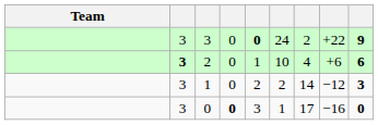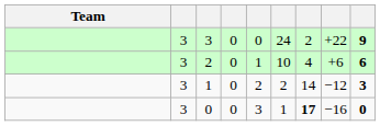 <table class="wikitable" style="text-align: center;">
 <tr>
 <th width="175">Team</th>
 <th width="20"></th>
 <th width="20"></th>
 <th width="20"></th>
 <th width="20"></th>
 <th width="20"></th>
 <th width="20"></th>
 <th width="20"></th>
 <th width="20"></th>
 </tr>
 <tr bgcolor="#ccffcc">
 <td align=left></td>
 <td>3</td>
 <td>3</td>
 <td>0</td>
-<td><strong>0</strong></td>
+<td>0</td>
 <td>24</td>
 <td>2</td>
 <td>+22</td>
 <td><strong>9</strong></td>
 </tr>
 <tr bgcolor="#ccffcc">
 <td align=left></td>
-<td><strong>3</strong></td>
+<td>3</td>
 <td>2</td>
 <td>0</td>
 <td>1</td>
 <td>10</td>
 <td>4</td>
 <td>+6</td>
 <td><strong>6</strong></td>
 </tr>
 <tr bgcolor=>
 <td align=left></td>
 <td>3</td>
 <td>1</td>
 <td>0</td>
 <td>2</td>
 <td>2</td>
 <td>14</td>
 <td>−12</td>
 <td><strong>3</strong></td>
 </tr>
 <tr bgcolor=>
 <td align=left><em></em></td>
 <td>3</td>
 <td>0</td>
-<td><strong>0</strong></td>
+<td>0</td>
 <td>3</td>
 <td>1</td>
-<td>17</td>
+<td><strong>17</strong></td>
 <td>−16</td>
 <td><strong>0</strong></td>
 </tr>
 </table>
